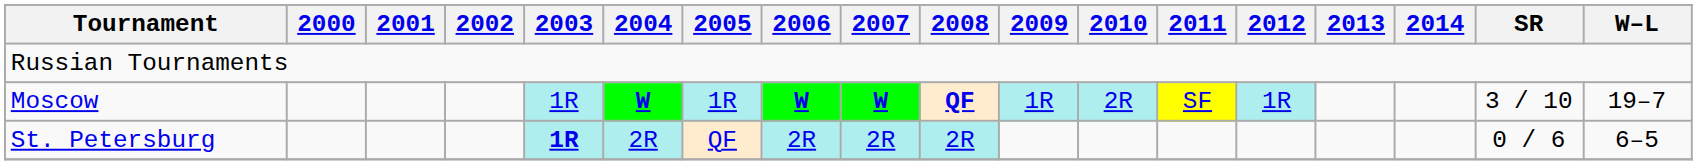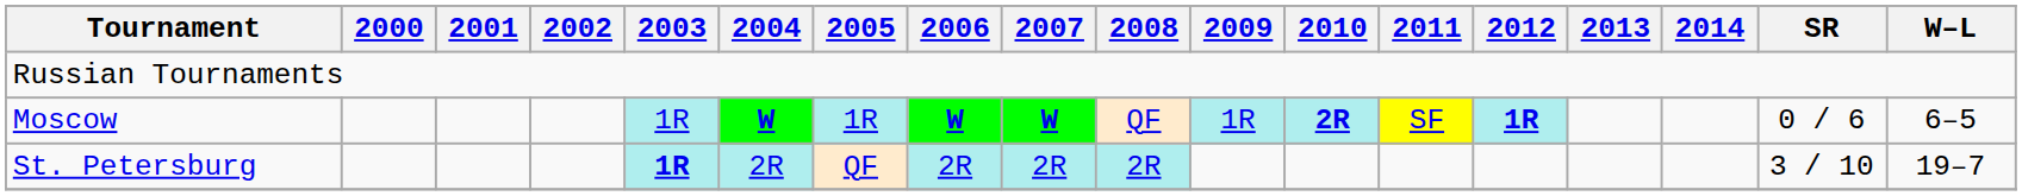 <table class=wikitable style=text-align:center;font-size:97%>
 <tr>
 <th width=140>Tournament</th>
 <th width=35><a href='#'>2000</a></th>
 <th width=35><a href='#'>2001</a></th>
 <th width=35><a href='#'>2002</a></th>
 <th width=35><a href='#'>2003</a></th>
 <th width=35><a href='#'>2004</a></th>
 <th width=35><a href='#'>2005</a></th>
 <th width=35><a href='#'>2006</a></th>
 <th width=35><a href='#'>2007</a></th>
 <th width=35><a href='#'>2008</a></th>
 <th width=35><a href='#'>2009</a></th>
 <th width=35><a href='#'>2010</a></th>
 <th width=35><a href='#'>2011</a></th>
 <th width=35><a href='#'>2012</a></th>
 <th width=35><a href='#'>2013</a></th>
 <th width=35><a href='#'>2014</a></th>
 <th width=50>SR</th>
 <th width=50>W–L</th>
 </tr>
 <tr>
 <td colspan=20 align=left>Russian Tournaments</td>
 </tr>
 <tr>
 <td align=left><a href='#'>Moscow</a></td>
 <td></td>
 <td></td>
 <td></td>
 <td bgcolor=afeeee><a href='#'>1R</a></td>
 <td bgcolor=lime><a href='#'><strong>W</strong></a></td>
 <td bgcolor=afeeee><a href='#'>1R</a></td>
 <td bgcolor=lime><a href='#'><strong>W</strong></a></td>
 <td bgcolor=lime><a href='#'><strong>W</strong></a></td>
-<td bgcolor=ffebcd><strong><a href='#'>QF</a></strong></td>
+<td bgcolor=ffebcd><a href='#'>QF</a></td>
 <td bgcolor=afeeee><a href='#'>1R</a></td>
-<td bgcolor=afeeee><a href='#'>2R</a></td>
+<td bgcolor=afeeee><strong><a href='#'>2R</a></strong></td>
 <td bgcolor=yellow><a href='#'>SF</a></td>
-<td bgcolor=afeeee><a href='#'>1R</a></td>
+<td bgcolor=afeeee><strong><a href='#'>1R</a></strong></td>
 <td></td>
 <td></td>
-<td>3 / 10</td>
-<td>19–7</td>
+<td>0 / 6</td>
+<td>6–5</td>
 </tr>
 <tr>
 <td align=left><a href='#'>St. Petersburg</a></td>
 <td></td>
 <td></td>
 <td></td>
 <td bgcolor=afeeee><strong><a href='#'>1R</a></strong></td>
 <td bgcolor=afeeee><a href='#'>2R</a></td>
 <td bgcolor=ffebcd><a href='#'>QF</a></td>
 <td bgcolor=afeeee><a href='#'>2R</a></td>
 <td bgcolor=afeeee><a href='#'>2R</a></td>
 <td bgcolor=afeeee><a href='#'>2R</a></td>
 <td></td>
 <td></td>
 <td></td>
 <td></td>
 <td></td>
 <td></td>
-<td>0 / 6</td>
-<td>6–5</td>
+<td>3 / 10</td>
+<td>19–7</td>
 </tr>
 <tr>
 </tr>
 </table>
